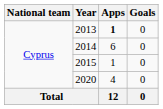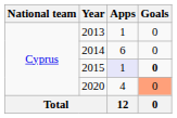 <table class="wikitable" style="text-align:center">
 <tr>
 <th>National team</th>
 <th>Year</th>
 <th>Apps</th>
 <th>Goals</th>
 </tr>
 <tr>
 <td rowspan="4"><a href='#'>Cyprus</a></td>
 <td>2013</td>
-<td><strong>1</strong></td>
+<td>1</td>
 <td>0</td>
 </tr>
 <tr>
 <td>2014</td>
 <td>6</td>
 <td>0</td>
 </tr>
 <tr>
 <td>2015</td>
-<td>1</td>
-<td>0</td>
+<td style="background: lavender;">1</td>
+<td><strong>0</strong></td>
 </tr>
 <tr>
 <td>2020</td>
 <td>4</td>
-<td>0</td>
+<td style="background: lightsalmon;">0</td>
 </tr>
 <tr>
 <th colspan="2">Total</th>
 <th>12</th>
 <th>0</th>
 </tr>
 </table>
